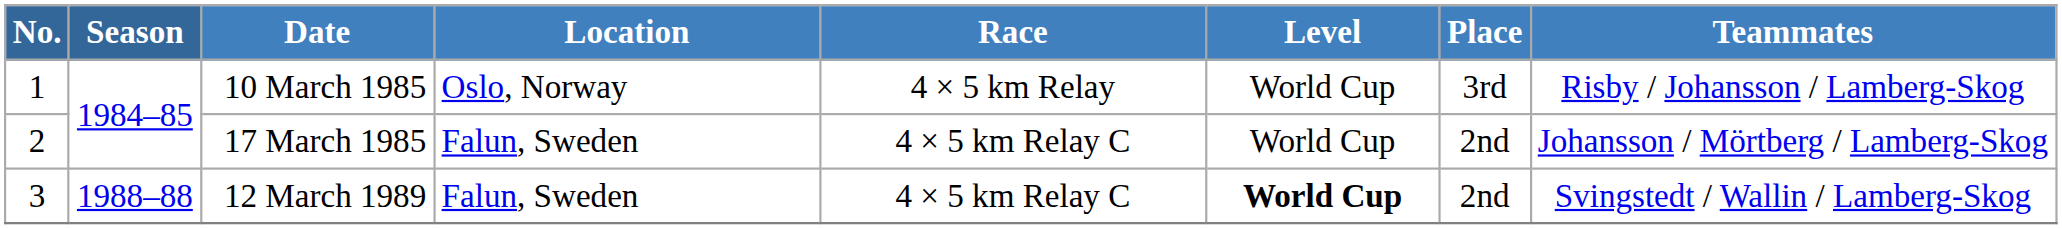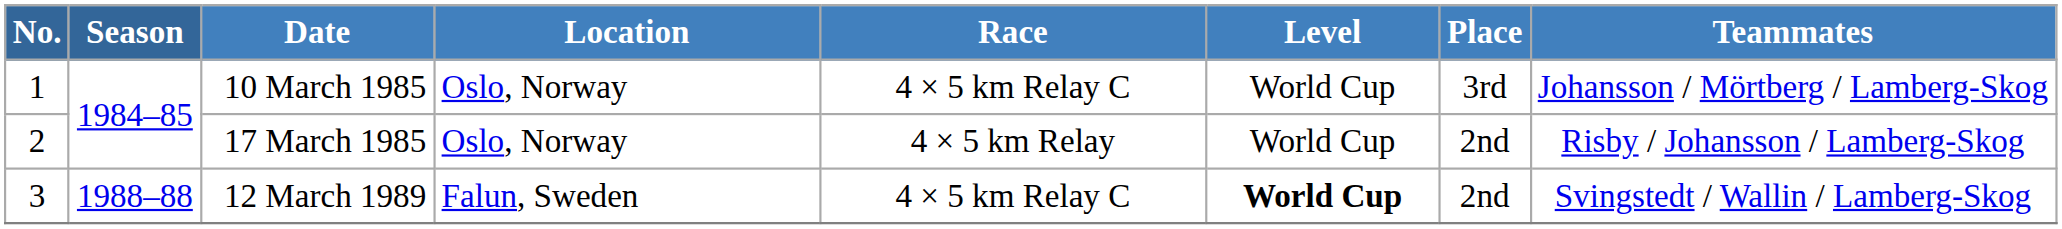 <table class="wikitable sortable" style="font-size:95%; text-align:center; border:grey solid 1px; border-collapse:collapse; background:#ffffff;">
 <tr style="background:#efefef;">
 <th style="background-color:#369; color:white;">No.</th>
 <th style="background-color:#369; color:white;">Season</th>
 <th style="background-color:#4180be; color:white; width:100px;">Date</th>
 <th style="background-color:#4180be; color:white; width:170px;">Location</th>
 <th style="background-color:#4180be; color:white; width:170px;">Race</th>
 <th style="background-color:#4180be; color:white; width:100px;">Level</th>
 <th style="background-color:#4180be; color:white;">Place</th>
 <th style="background-color:#4180be; color:white;">Teammates</th>
 </tr>
 <tr>
 <td align=center>1</td>
 <td rowspan=2 align=center><a href='#'>1984–85</a></td>
 <td align=right>10 March 1985</td>
 <td align=left> <a href='#'>Oslo</a>, Norway</td>
-<td>4 × 5 km Relay</td>
+<td>4 × 5 km Relay C</td>
 <td>World Cup</td>
 <td>3rd</td>
-<td><a href='#'>Risby</a> / <a href='#'>Johansson</a> / <a href='#'>Lamberg-Skog</a></td>
+<td><a href='#'>Johansson</a> / <a href='#'>Mörtberg</a> / <a href='#'>Lamberg-Skog</a></td>
 </tr>
 <tr>
 <td align=center>2</td>
 <td align=right>17 March 1985</td>
-<td align=left> <a href='#'>Falun</a>, Sweden</td>
-<td>4 × 5 km Relay C</td>
+<td align=left> <a href='#'>Oslo</a>, Norway</td>
+<td>4 × 5 km Relay</td>
 <td>World Cup</td>
 <td>2nd</td>
-<td><a href='#'>Johansson</a> / <a href='#'>Mörtberg</a> / <a href='#'>Lamberg-Skog</a></td>
+<td><a href='#'>Risby</a> / <a href='#'>Johansson</a> / <a href='#'>Lamberg-Skog</a></td>
 </tr>
 <tr>
 <td align=center>3</td>
 <td rowspan=1 align=center><a href='#'>1988–88</a></td>
 <td align=right>12 March 1989</td>
 <td align=left> <a href='#'>Falun</a>, Sweden</td>
 <td>4 × 5 km Relay C</td>
 <td><strong>World Cup</strong></td>
 <td>2nd</td>
 <td><a href='#'>Svingstedt</a> / <a href='#'>Wallin</a> / <a href='#'>Lamberg-Skog</a></td>
 </tr>
 <tr>
 </tr>
 </table>
